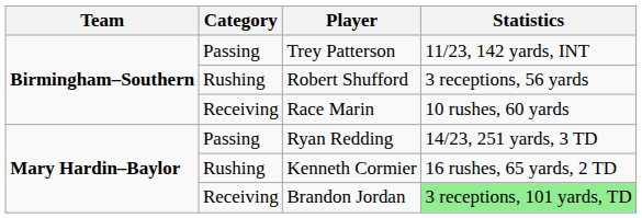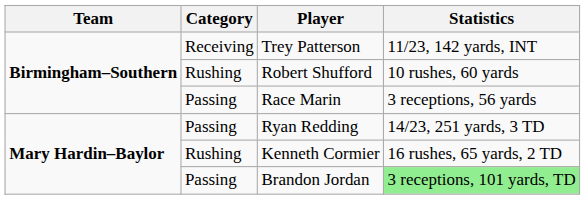 <table class="wikitable" style="float: right;">
 <tr>
 <th>Team</th>
 <th>Category</th>
 <th>Player</th>
 <th>Statistics</th>
 </tr>
 <tr>
 <td rowspan=3><strong>Birmingham–Southern</strong></td>
-<td>Passing</td>
+<td>Receiving</td>
 <td>Trey Patterson</td>
 <td>11/23, 142 yards, INT</td>
 </tr>
 <tr>
 <td>Rushing</td>
 <td>Robert Shufford</td>
-<td>3 receptions, 56 yards</td>
+<td>10 rushes, 60 yards</td>
 </tr>
 <tr>
-<td>Receiving</td>
+<td>Passing</td>
 <td>Race Marin</td>
-<td>10 rushes, 60 yards</td>
+<td>3 receptions, 56 yards</td>
 </tr>
 <tr>
 <td rowspan=3><strong>Mary Hardin–Baylor</strong></td>
 <td>Passing</td>
 <td>Ryan Redding</td>
 <td>14/23, 251 yards, 3 TD</td>
 </tr>
 <tr>
 <td>Rushing</td>
 <td>Kenneth Cormier</td>
 <td>16 rushes, 65 yards, 2 TD</td>
 </tr>
 <tr>
-<td>Receiving</td>
+<td>Passing</td>
 <td>Brandon Jordan</td>
 <td style="background: lightgreen;">3 receptions, 101 yards, TD</td>
 </tr>
 </table>
